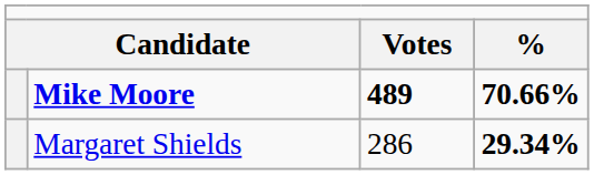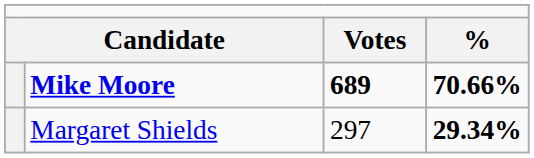 <table class="wikitable" style="font-size: 95%;">
 <tr>
 <td colspan=4></td>
 </tr>
 <tr style="background-color:#E9E9E9">
 <th colspan="2" style="width: 170px">Candidate</th>
 <th style="width: 50px">Votes</th>
 <th style="width: 40px">%</th>
 </tr>
 <tr>
 <th style="background-color: "></th>
 <td><strong><a href='#'>Mike Moore</a></strong></td>
-<td><strong>489</strong></td>
+<td><strong>689</strong></td>
 <td><strong>70.66%</strong></td>
 </tr>
 <tr>
 <th style="background-color: "></th>
 <td><a href='#'>Margaret Shields</a></td>
-<td>286</td>
+<td>297</td>
 <td><strong>29.34%</strong></td>
 </tr>
 </table>
